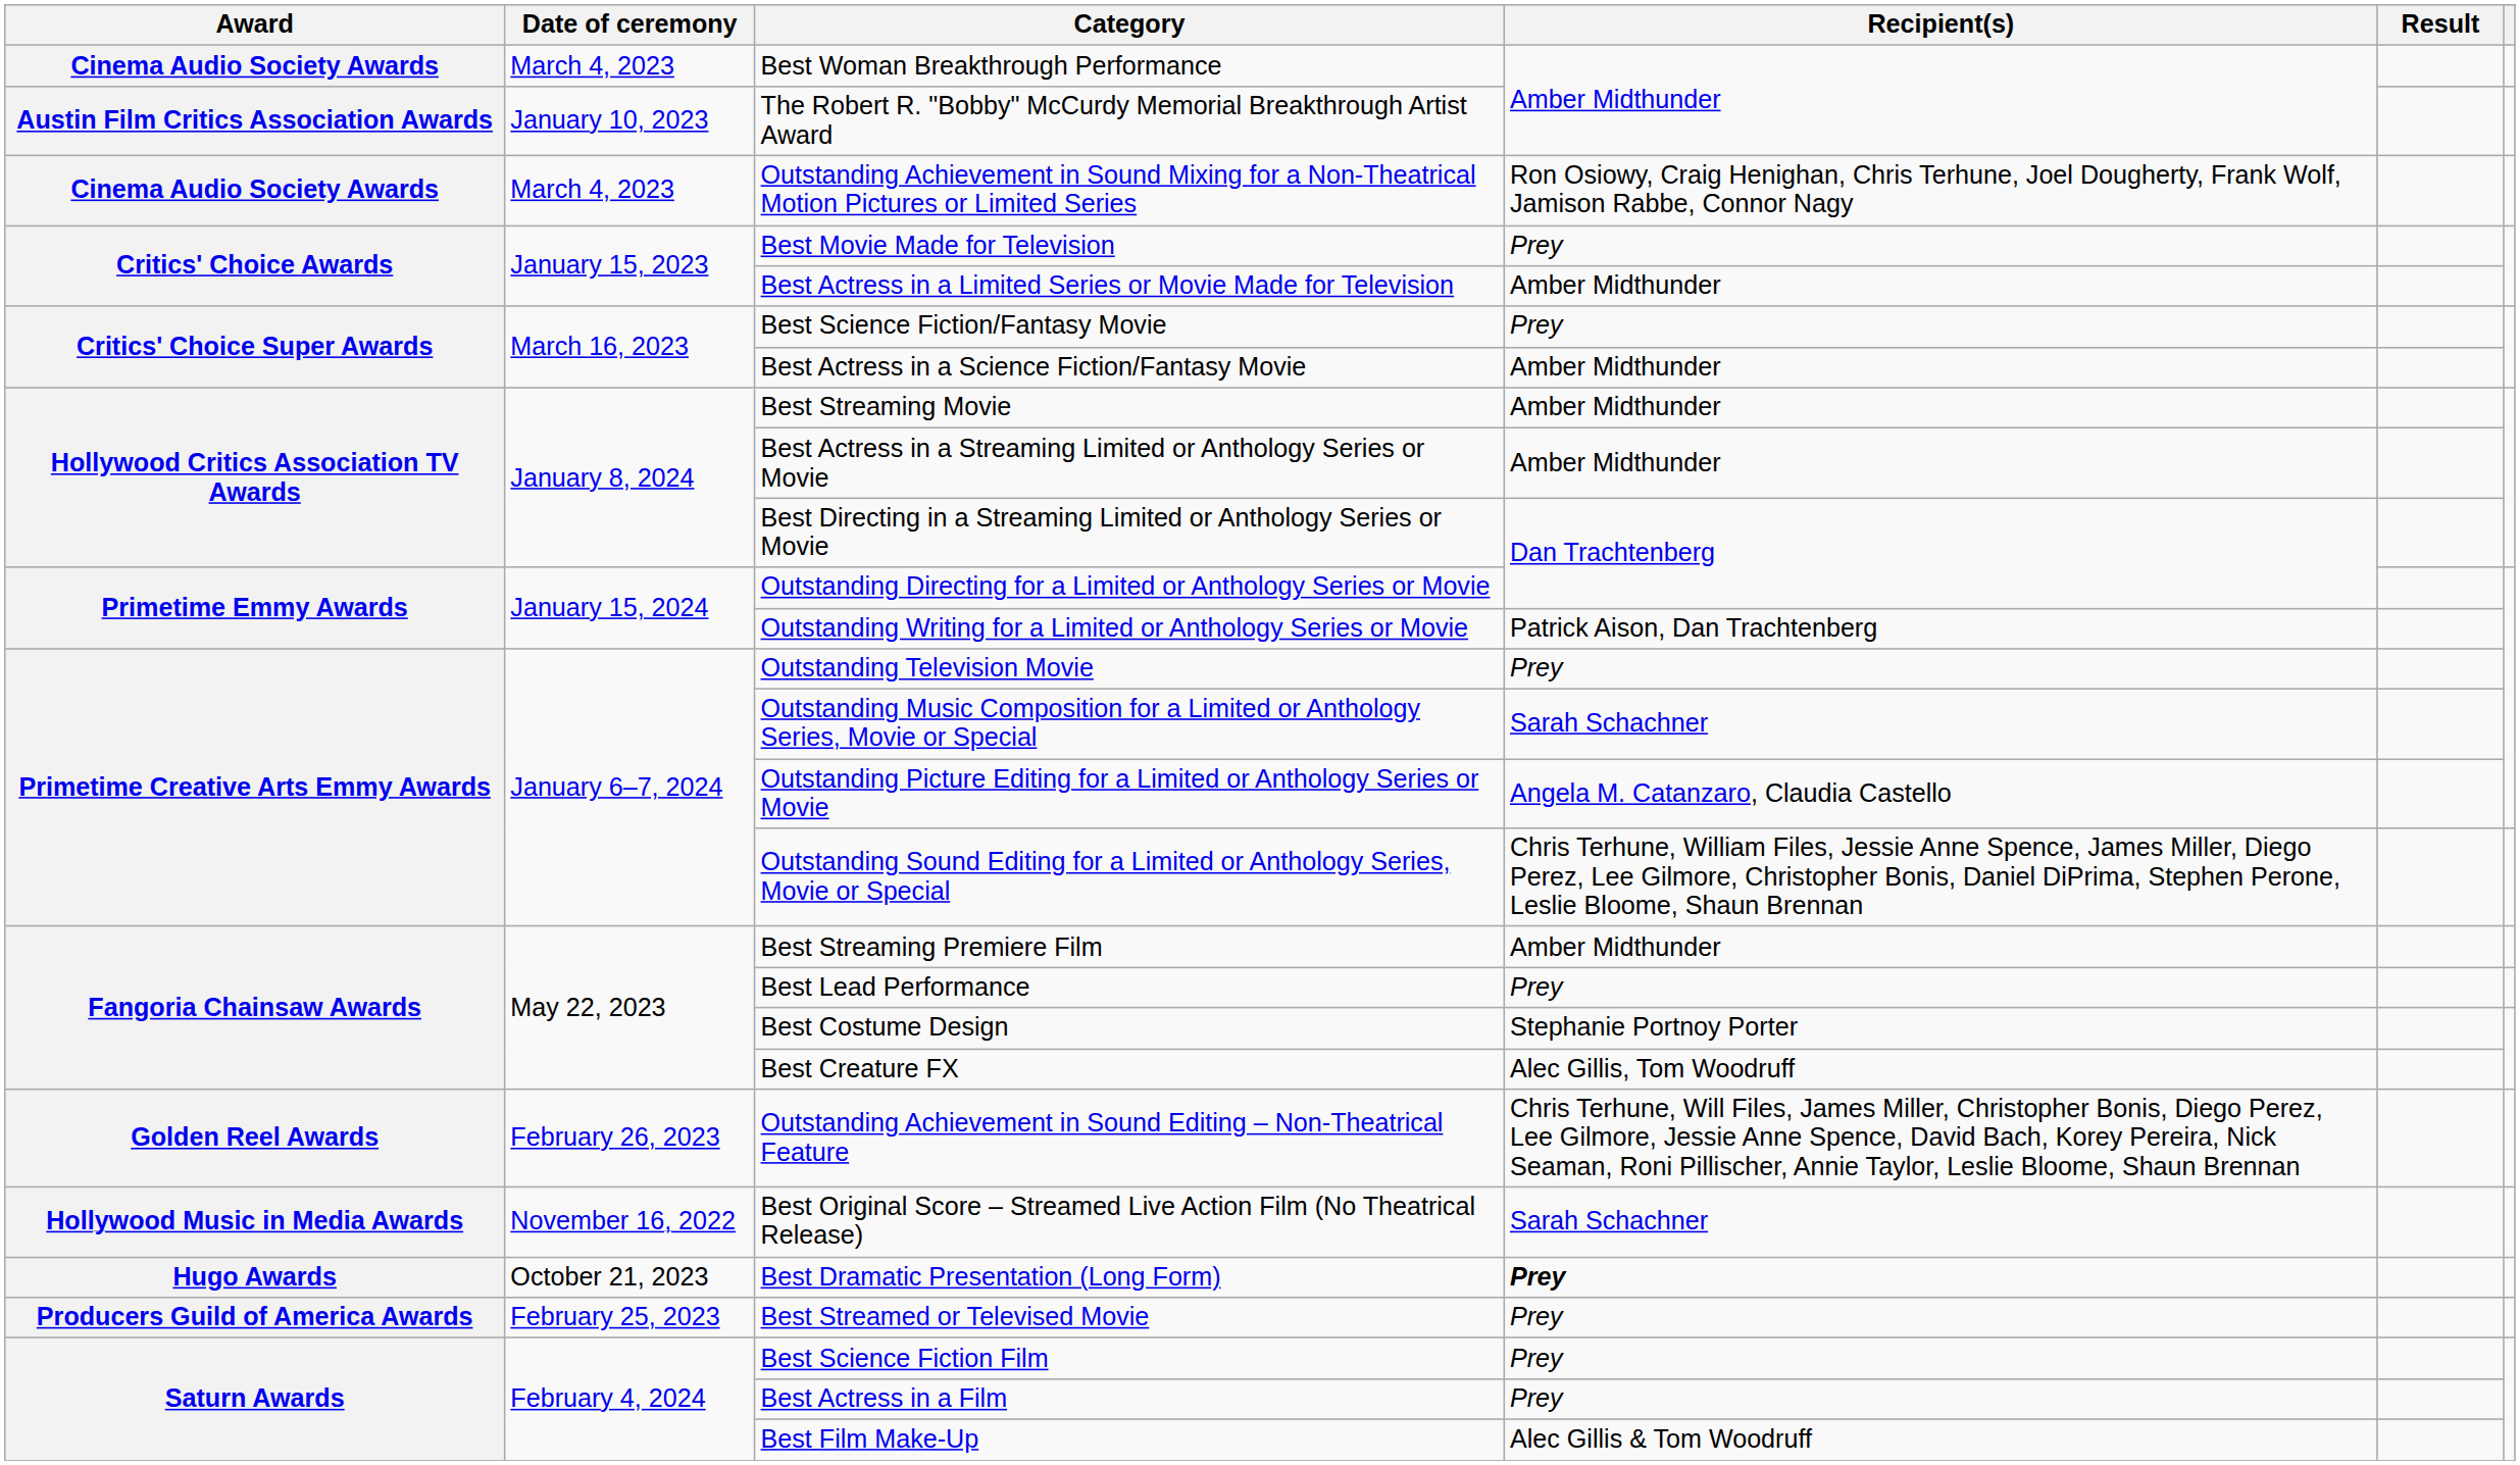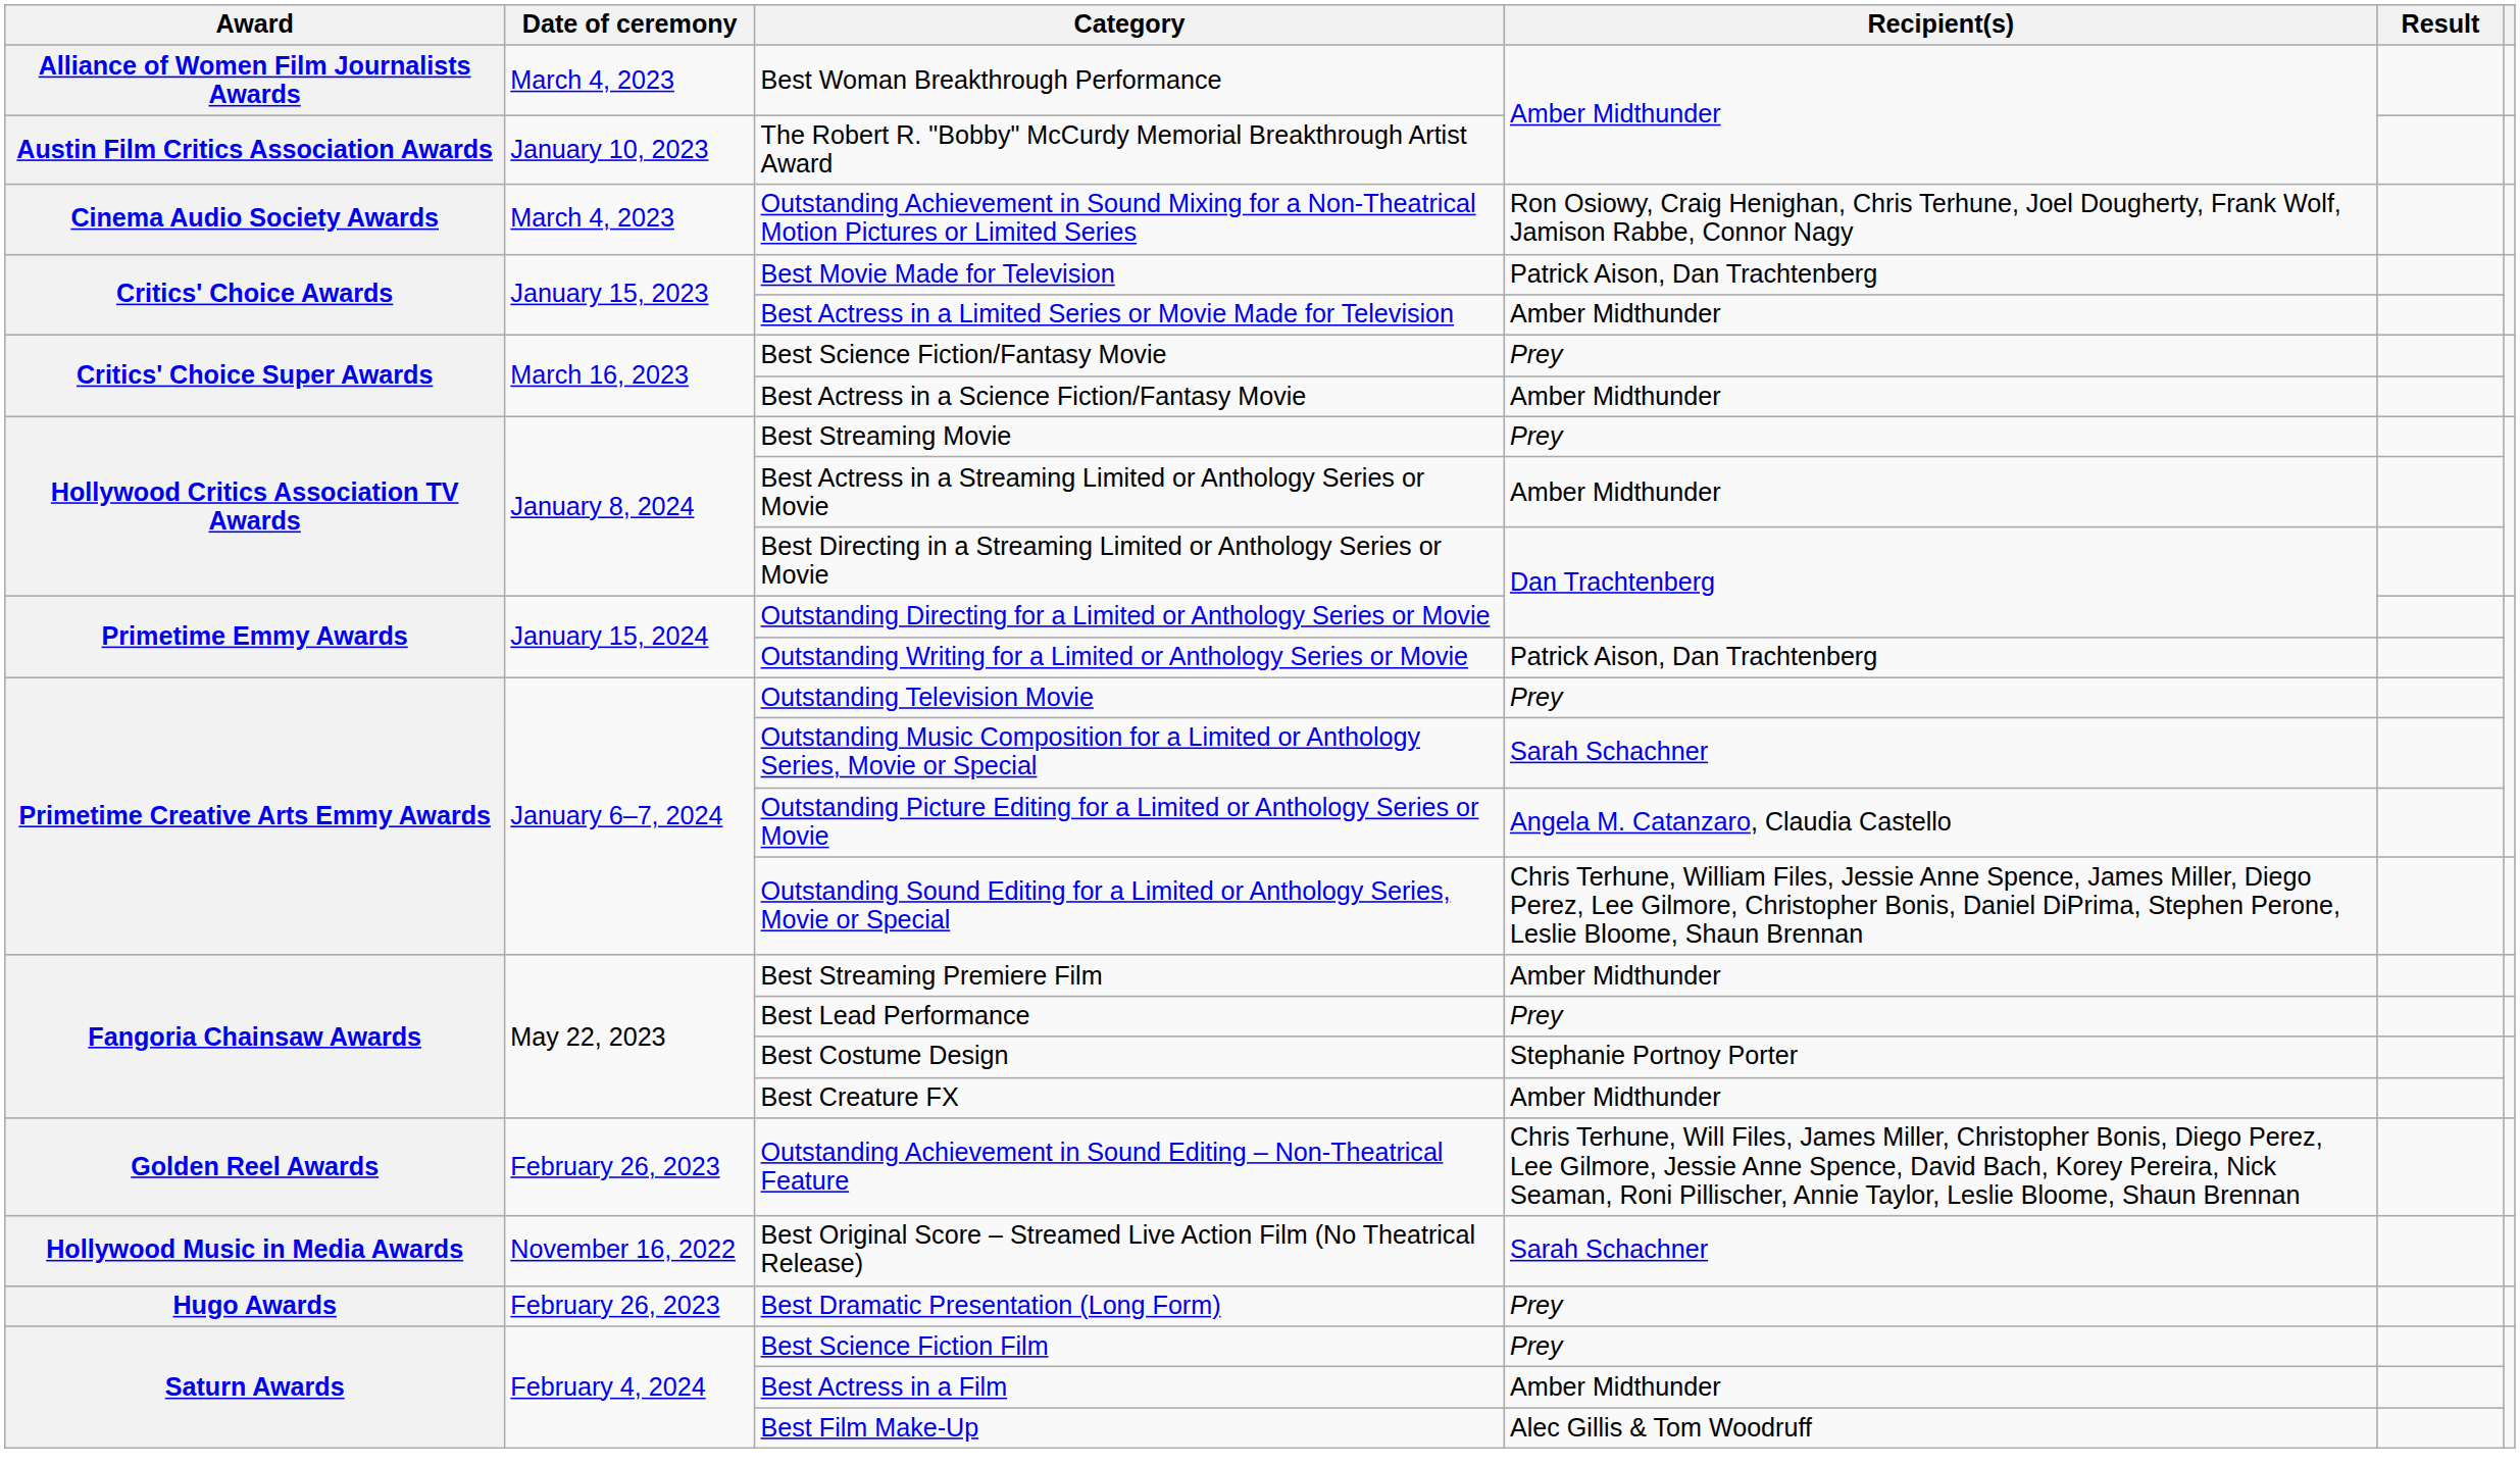 <table class="wikitable sortable plainrowheaders">
 <tr>
 <th scope="col" style="width:20%;">Award</th>
 <th scope="col" style="width:10%;">Date of ceremony</th>
 <th scope="col" style="width:30%;">Category</th>
 <th scope="col" style="width:35%;">Recipient(s)</th>
 <th scope="col" style="width:5%;">Result</th>
 <th scope="col" style="width:5%;" class="unsortable"></th>
 </tr>
 <tr>
-<th scope="row"><a href='#'>Cinema Audio Society Awards</a></th>
+<th scope="row"><a href='#'>Alliance of Women Film Journalists Awards</a></th>
 <td><a href='#'>March 4, 2023</a></td>
 <td>Best Woman Breakthrough Performance</td>
 <td rowspan="2"><a href='#'>Amber Midthunder</a></td>
 <td></td>
 <td align="center"></td>
 </tr>
 <tr>
 <th scope="row"><a href='#'>Austin Film Critics Association Awards</a></th>
 <td><a href='#'>January 10, 2023</a></td>
 <td>The Robert R. "Bobby" McCurdy Memorial Breakthrough Artist Award</td>
 <td></td>
 <td style="text-align:center"></td>
 </tr>
 <tr>
 <th scope="row"><a href='#'>Cinema Audio Society Awards</a></th>
 <td><a href='#'>March 4, 2023</a></td>
 <td><a href='#'>Outstanding Achievement in Sound Mixing for a Non-Theatrical Motion Pictures or Limited Series</a></td>
 <td>Ron Osiowy, Craig Henighan, Chris Terhune, Joel Dougherty, Frank Wolf, Jamison Rabbe, Connor Nagy</td>
 <td></td>
 <td align="center"></td>
 </tr>
 <tr>
 <th scope="row" rowspan="2"><a href='#'>Critics' Choice Awards</a></th>
 <td rowspan="2"><a href='#'>January 15, 2023</a></td>
 <td><a href='#'>Best Movie Made for Television</a></td>
-<td><em>Prey</em></td>
+<td>Patrick Aison, Dan Trachtenberg</td>
 <td></td>
 <td align="center" rowspan="2"></td>
 </tr>
 <tr>
 <td><a href='#'>Best Actress in a Limited Series or Movie Made for Television</a></td>
 <td>Amber Midthunder</td>
 <td></td>
 </tr>
 <tr>
 <th rowspan="2" scope="row"><a href='#'>Critics' Choice Super Awards</a></th>
 <td rowspan="2"><a href='#'>March 16, 2023</a></td>
 <td>Best Science Fiction/Fantasy Movie</td>
 <td><em>Prey</em></td>
 <td></td>
 <td rowspan="2" style="text-align:center;"></td>
 </tr>
 <tr>
 <td>Best Actress in a Science Fiction/Fantasy Movie</td>
 <td>Amber Midthunder</td>
 <td></td>
 </tr>
 <tr>
 <th rowspan="3" scope="row"><a href='#'>Hollywood Critics Association TV Awards</a></th>
 <td rowspan="3"><a href='#'>January 8, 2024</a></td>
 <td>Best Streaming Movie</td>
-<td>Amber Midthunder</td>
+<td><em>Prey</em></td>
 <td></td>
 <td rowspan="3" style="text-align:center;"></td>
 </tr>
 <tr>
 <td>Best Actress in a Streaming Limited or Anthology Series or Movie</td>
 <td>Amber Midthunder</td>
 <td></td>
 </tr>
 <tr>
 <td>Best Directing in a Streaming Limited or Anthology Series or Movie</td>
 <td rowspan="2"><a href='#'>Dan Trachtenberg</a></td>
 <td></td>
 </tr>
 <tr>
 <th scope="row" rowspan="2"><a href='#'>Primetime Emmy Awards</a></th>
 <td rowspan="2"><a href='#'>January 15, 2024</a></td>
 <td><a href='#'>Outstanding Directing for a Limited or Anthology Series or Movie</a></td>
 <td></td>
 <td rowspan="5" style="text-align:center;"></td>
 </tr>
 <tr>
 <td><a href='#'>Outstanding Writing for a Limited or Anthology Series or Movie</a></td>
 <td>Patrick Aison, Dan Trachtenberg</td>
 <td></td>
 </tr>
 <tr>
 <th scope="row" rowspan="4"><a href='#'>Primetime Creative Arts Emmy Awards</a></th>
 <td rowspan="4"><a href='#'>January 6–7, 2024</a></td>
 <td><a href='#'>Outstanding Television Movie</a></td>
 <td><em>Prey</em></td>
 <td></td>
 </tr>
 <tr>
 <td><a href='#'>Outstanding Music Composition for a Limited or Anthology Series, Movie or Special</a></td>
 <td><a href='#'>Sarah Schachner</a></td>
 <td></td>
 </tr>
 <tr>
 <td><a href='#'>Outstanding Picture Editing for a Limited or Anthology Series or Movie</a></td>
 <td><a href='#'>Angela M. Catanzaro</a>, Claudia Castello</td>
 <td></td>
 </tr>
 <tr>
 <td><a href='#'>Outstanding Sound Editing for a Limited or Anthology Series, Movie or Special</a></td>
 <td>Chris Terhune, William Files, Jessie Anne Spence, James Miller, Diego Perez, Lee Gilmore, Christopher Bonis, Daniel DiPrima, Stephen Perone, Leslie Bloome, Shaun Brennan</td>
 <td></td>
 <td style="text-align:center"></td>
 </tr>
 <tr>
 <th scope="row" rowspan="4"><a href='#'>Fangoria Chainsaw Awards</a></th>
 <td rowspan="4">May 22, 2023</td>
 <td>Best Streaming Premiere Film</td>
 <td>Amber Midthunder</td>
 <td></td>
 <td style="text-align:center"></td>
 </tr>
 <tr>
 <td>Best Lead Performance</td>
 <td><em>Prey</em></td>
 <td></td>
 <td style="text-align:center"></td>
 </tr>
 <tr>
 <td>Best Costume Design</td>
 <td>Stephanie Portnoy Porter</td>
 <td></td>
 <td rowspan="2" style="text-align:center"></td>
 </tr>
 <tr>
 <td>Best Creature FX</td>
-<td>Alec Gillis, Tom Woodruff</td>
+<td>Amber Midthunder</td>
 <td></td>
 </tr>
 <tr>
 <th scope="row"><a href='#'>Golden Reel Awards</a></th>
 <td><a href='#'>February 26, 2023</a></td>
 <td><a href='#'>Outstanding Achievement in Sound Editing – Non-Theatrical Feature</a></td>
 <td>Chris Terhune, Will Files, James Miller, Christopher Bonis, Diego Perez, Lee Gilmore, Jessie Anne Spence, David Bach, Korey Pereira, Nick Seaman, Roni Pillischer, Annie Taylor, Leslie Bloome, Shaun Brennan</td>
 <td></td>
 <td align="center"></td>
 </tr>
 <tr>
 <th scope="row"><a href='#'>Hollywood Music in Media Awards</a></th>
 <td><a href='#'>November 16, 2022</a></td>
 <td>Best Original Score – Streamed Live Action Film (No Theatrical Release)</td>
 <td><a href='#'>Sarah Schachner</a></td>
 <td></td>
 <td align="center"></td>
 </tr>
 <tr>
 <th scope="row"><a href='#'>Hugo Awards</a></th>
-<td>October 21, 2023</td>
+<td><a href='#'>February 26, 2023</a></td>
 <td><a href='#'>Best Dramatic Presentation (Long Form)</a></td>
-<td><strong><em>Prey</em></strong></td>
-<td></td>
-<td align="center"></td>
-</tr>
-<tr>
-<th scope="row"><a href='#'>Producers Guild of America Awards</a></th>
-<td><a href='#'>February 25, 2023</a></td>
-<td><a href='#'>Best Streamed or Televised Movie</a></td>
 <td><em>Prey</em></td>
 <td></td>
 <td align="center"></td>
 </tr>
 <tr>
 <th rowspan="3" scope="row"><a href='#'>Saturn Awards</a></th>
 <td rowspan="3"><a href='#'>February 4, 2024</a></td>
 <td><a href='#'>Best Science Fiction Film</a></td>
 <td><em>Prey</em></td>
 <td></td>
 <td rowspan="3" align="center"></td>
 </tr>
 <tr>
 <td><a href='#'>Best Actress in a Film</a></td>
-<td><em>Prey</em></td>
+<td>Amber Midthunder</td>
 <td></td>
 </tr>
 <tr>
 <td><a href='#'>Best Film Make-Up</a></td>
 <td>Alec Gillis & Tom Woodruff</td>
 <td></td>
 </tr>
 </table>
